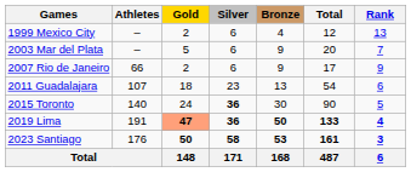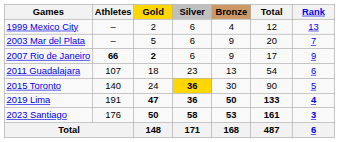 <table class="wikitable" style="text-align:center; font-size:90%;">
 <tr>
 <th>Games</th>
 <th>Athletes</th>
 <td style="background:gold; width:3.7em; font-weight:bold;">Gold</td>
 <td style="background:silver; width:3.7em; font-weight:bold;">Silver</td>
 <td style="background:#cc9966; width:3.7em; font-weight:bold;">Bronze</td>
 <th style="width:4em; font-weight:bold;">Total</th>
 <th style="width:4em; font-weight:bold;"><a href='#'>Rank</a></th>
 </tr>
 <tr>
 <td align=left> <a href='#'>1999 Mexico City</a></td>
 <td>–</td>
 <td>2</td>
 <td>6</td>
 <td>4</td>
 <td>12</td>
 <td><a href='#'>13</a></td>
 </tr>
 <tr>
 <td align=left> <a href='#'>2003 Mar del Plata</a></td>
 <td>–</td>
 <td>5</td>
 <td>6</td>
 <td>9</td>
 <td>20</td>
 <td><a href='#'>7</a></td>
 </tr>
 <tr>
 <td align=left> <a href='#'>2007 Rio de Janeiro</a></td>
-<td>66</td>
-<td>2</td>
+<td><strong>66</strong></td>
+<td><strong>2</strong></td>
 <td>6</td>
 <td>9</td>
 <td>17</td>
 <td><a href='#'>9</a></td>
 </tr>
 <tr>
 <td align=left> <a href='#'>2011 Guadalajara</a></td>
 <td>107</td>
 <td>18</td>
 <td>23</td>
 <td>13</td>
 <td>54</td>
 <td><a href='#'>6</a></td>
 </tr>
 <tr>
 <td align=left> <a href='#'>2015 Toronto</a></td>
 <td>140</td>
 <td>24</td>
-<td><strong>36</strong></td>
+<td style="background: gold;"><strong>36</strong></td>
 <td>30</td>
 <td>90</td>
 <td><a href='#'>5</a></td>
 </tr>
 <tr>
 <td align=left> <a href='#'>2019 Lima</a></td>
 <td>191</td>
-<td style="background: lightsalmon;"><strong>47</strong></td>
+<td><strong>47</strong></td>
 <td><strong>36</strong></td>
 <td><strong>50</strong></td>
 <td><strong>133</strong></td>
 <td><a href='#'><strong>4</strong></a></td>
 </tr>
 <tr>
 <td align=left> <a href='#'>2023 Santiago</a></td>
 <td>176</td>
 <td><strong>50</strong></td>
 <td><strong>58</strong></td>
 <td><strong>53</strong></td>
 <td><strong>161</strong></td>
 <td><a href='#'><strong>3</strong></a></td>
 </tr>
 <tr>
 <th colspan=2>Total</th>
 <th>148</th>
 <th>171</th>
 <th>168</th>
 <th>487</th>
 <th><a href='#'>6</a></th>
 </tr>
 </table>
